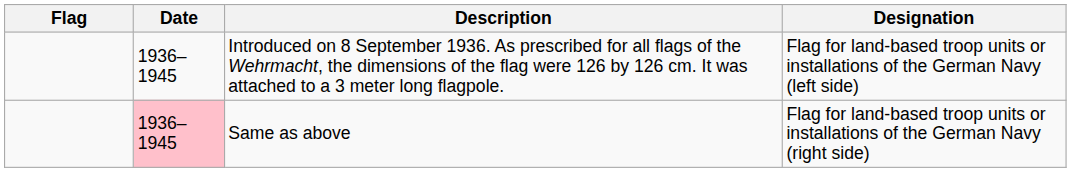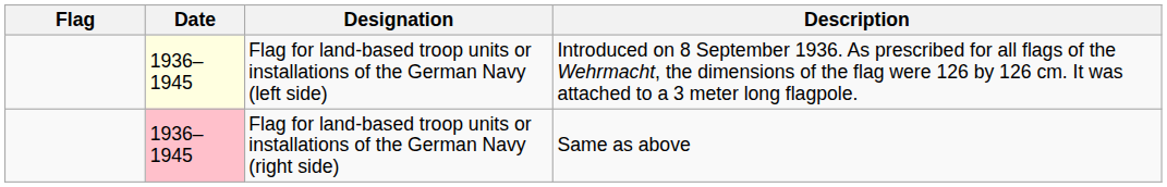 <table class="wikitable">
 <tr>
 <th width="110">Flag</th>
 <th width="75">Date</th>
+<th width="250">Designation</th>
 <th width="500">Description</th>
-<th width="250">Designation</th>
 </tr>
 <tr>
 <td></td>
-<td>1936–1945</td>
+<td style="background: lightyellow;">1936–1945</td>
+<td>Flag for land-based troop units or installations of the German Navy (left side)</td>
 <td>Introduced on 8 September 1936. As prescribed for all flags of the <em>Wehrmacht</em>, the dimensions of the flag were 126 by 126 cm. It was attached to a 3 meter long flagpole.</td>
-<td>Flag for land-based troop units or installations of the German Navy (left side)</td>
 </tr>
 <tr>
 <td></td>
 <td style="background: pink;">1936–1945</td>
+<td>Flag for land-based troop units or installations of the German Navy (right side)</td>
 <td>Same as above</td>
-<td>Flag for land-based troop units or installations of the German Navy (right side)</td>
 </tr>
 </table>
